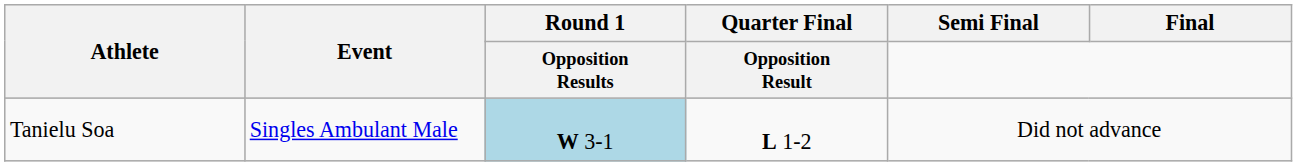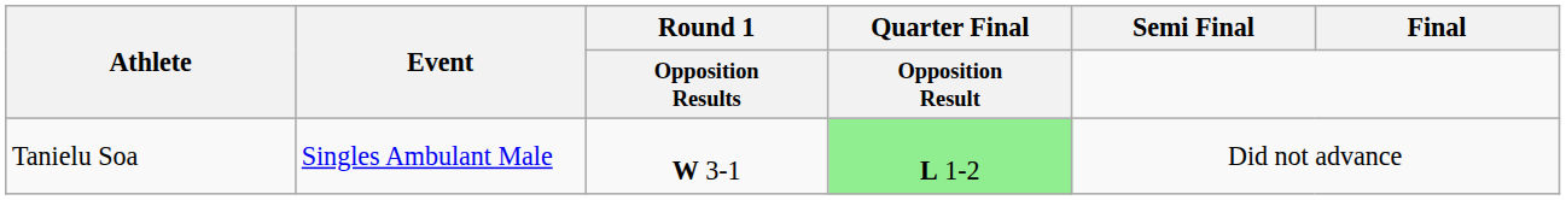 <table class=wikitable style="font-size:90%">
 <tr>
 <th rowspan="2" width=150>Athlete</th>
 <th rowspan="2" width=150>Event</th>
 <th width=125>Round 1</th>
 <th width=125>Quarter Final</th>
 <th width=125>Semi Final</th>
 <th width=125>Final</th>
 </tr>
 <tr>
 <th style="line-height:1em"><small>Opposition<br>Results</small></th>
 <th style="line-height:1em"><small>Opposition<br>Result</small></th>
 </tr>
 <tr>
 <td>Tanielu Soa</td>
 <td rowspan=4><a href='#'>Singles Ambulant Male</a></td>
-<td align=center style="background: lightblue;"><br><strong>W</strong> 3-1</td>
-<td align=center><br><strong>L</strong> 1-2</td>
+<td align=center><br><strong>W</strong> 3-1</td>
+<td align=center style="background: lightgreen;"><br><strong>L</strong> 1-2</td>
 <td align=center colspan=2>Did not advance</td>
 </tr>
 </table>
